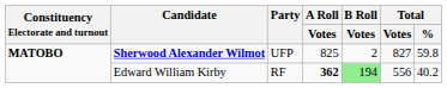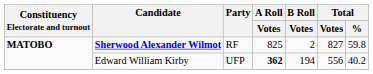 <table class="wikitable">
 <tr>
 <th align="left" rowspan=2>Constituency<br><small>Electorate and turnout</small></th>
 <th align="center" valign="top" rowspan=2>Candidate</th>
 <th align="center" valign="top" rowspan=2>Party</th>
 <th align="center" valign="top">A Roll</th>
 <th align="center" valign="top">B Roll</th>
 <th align="center" valign="top" colspan=2>Total</th>
 </tr>
 <tr bgcolor="CCCCCC">
 <th align="center">Votes</th>
 <th align="center">Votes</th>
 <th align="center">Votes</th>
 <th align="center">%</th>
 </tr>
 <tr>
 <td valign="top" rowspan="2"><strong>MATOBO</strong></td>
 <td align="left"><strong><a href='#'>Sherwood Alexander Wilmot</a></strong></td>
-<td align="left">UFP</td>
+<td align="left">RF</td>
 <td align="right">825</td>
 <td align="right">2</td>
 <td align="right">827</td>
 <td align="right">59.8</td>
 </tr>
 <tr>
 <td align="left">Edward William Kirby</td>
-<td align="left">RF</td>
+<td align="left">UFP</td>
 <td align="right"><strong>362</strong></td>
-<td align="right" style="background: lightgreen;">194</td>
+<td align="right">194</td>
 <td align="right">556</td>
 <td align="right">40.2</td>
 </tr>
 </table>
